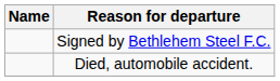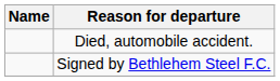 <table class="wikitable sortable"  style="text-align:center; font-size:90%; ">
 <tr>
 <th>Name</th>
 <th class="unsortable">Reason for departure</th>
 </tr>
 <tr>
 <td align="left"></td>
-<td>Signed by <a href='#'>Bethlehem Steel F.C.</a></td>
+<td>Died, automobile accident.</td>
 </tr>
 <tr>
 <td align="left"></td>
-<td>Died, automobile accident.</td>
+<td>Signed by <a href='#'>Bethlehem Steel F.C.</a></td>
 </tr>
 <tr>
 </tr>
 </table>
